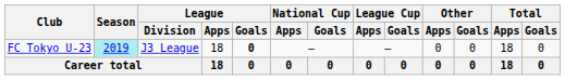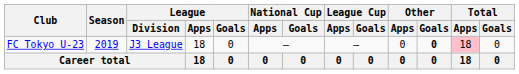 <table class="wikitable" style="text-align: center">
 <tr>
 <th rowspan="2">Club</th>
 <th rowspan="2">Season</th>
 <th colspan="3">League</th>
 <th colspan="2">National Cup</th>
 <th colspan="2">League Cup</th>
 <th colspan="2">Other</th>
 <th colspan="2">Total</th>
 </tr>
 <tr>
 <th>Division</th>
 <th>Apps</th>
 <th>Goals</th>
 <th>Apps</th>
 <th>Goals</th>
 <th>Apps</th>
 <th>Goals</th>
 <th>Apps</th>
 <th>Goals</th>
 <th>Apps</th>
 <th>Goals</th>
 </tr>
 <tr>
 <td><a href='#'>FC Tokyo U-23</a></td>
-<td style="background: paleturquoise;"><a href='#'>2019</a></td>
+<td><a href='#'>2019</a></td>
 <td><a href='#'>J3 League</a></td>
 <td>18</td>
-<td><strong>0</strong></td>
+<td>0</td>
 <td colspan="2">–</td>
 <td colspan="2">–</td>
 <td>0</td>
-<td>0</td>
-<td>18</td>
+<td><strong>0</strong></td>
+<td style="background: pink;">18</td>
 <td>0</td>
 </tr>
 <tr>
 <th colspan=3>Career total</th>
 <th>18</th>
 <th>0</th>
 <th>0</th>
 <th>0</th>
 <th>0</th>
 <th>0</th>
 <th>0</th>
 <th>0</th>
 <th>18</th>
 <th>0</th>
 </tr>
 </table>
